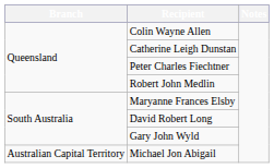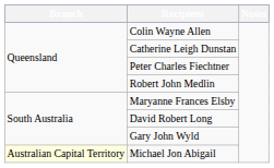 <table class="wikitable" style="font-size:95%;">
 <tr style="background: blue; color: white">
 <th>Branch</th>
 <th>Recipient</th>
 <th>Notes</th>
 </tr>
 <tr>
 <td rowspan=4>Queensland</td>
 <td>Colin Wayne Allen</td>
 <td rowspan=8></td>
 </tr>
 <tr>
 <td>Catherine Leigh Dunstan</td>
 </tr>
 <tr>
 <td>Peter Charles Fiechtner</td>
 </tr>
 <tr>
 <td>Robert John Medlin</td>
 </tr>
 <tr>
 <td rowspan=3>South Australia</td>
 <td>Maryanne Frances Elsby</td>
 </tr>
 <tr>
 <td>David Robert Long</td>
 </tr>
 <tr>
 <td>Gary John Wyld</td>
 </tr>
 <tr>
-<td>Australian Capital Territory</td>
+<td style="background: lightyellow;">Australian Capital Territory</td>
 <td>Michael Jon Abigail</td>
 </tr>
 </table>
